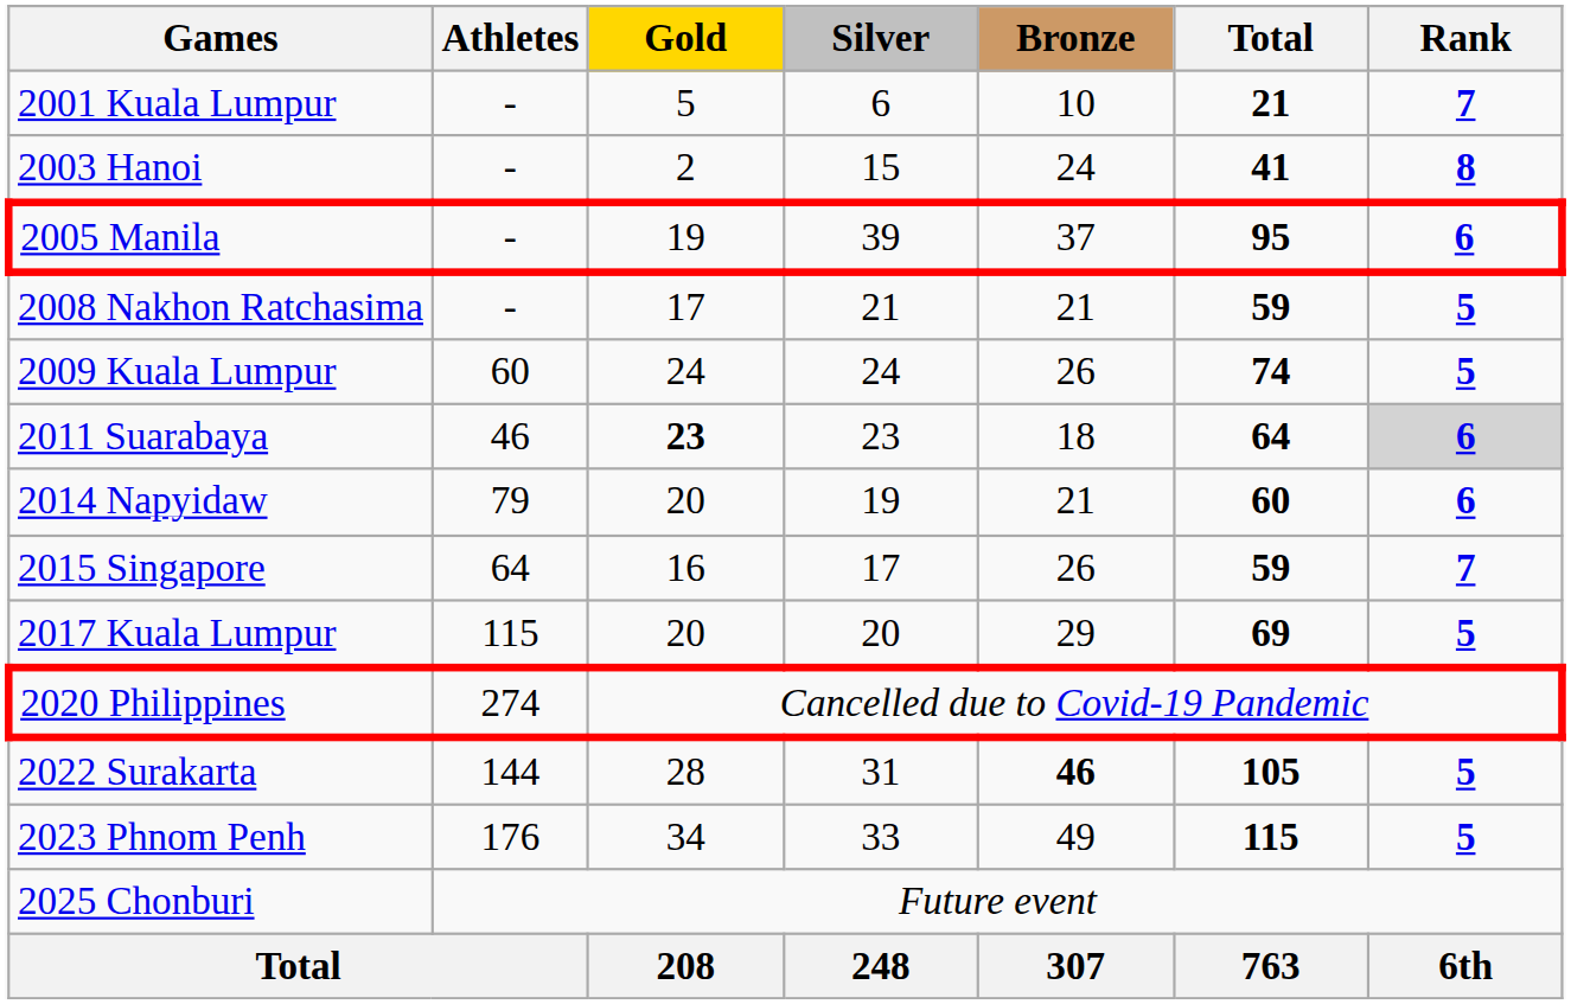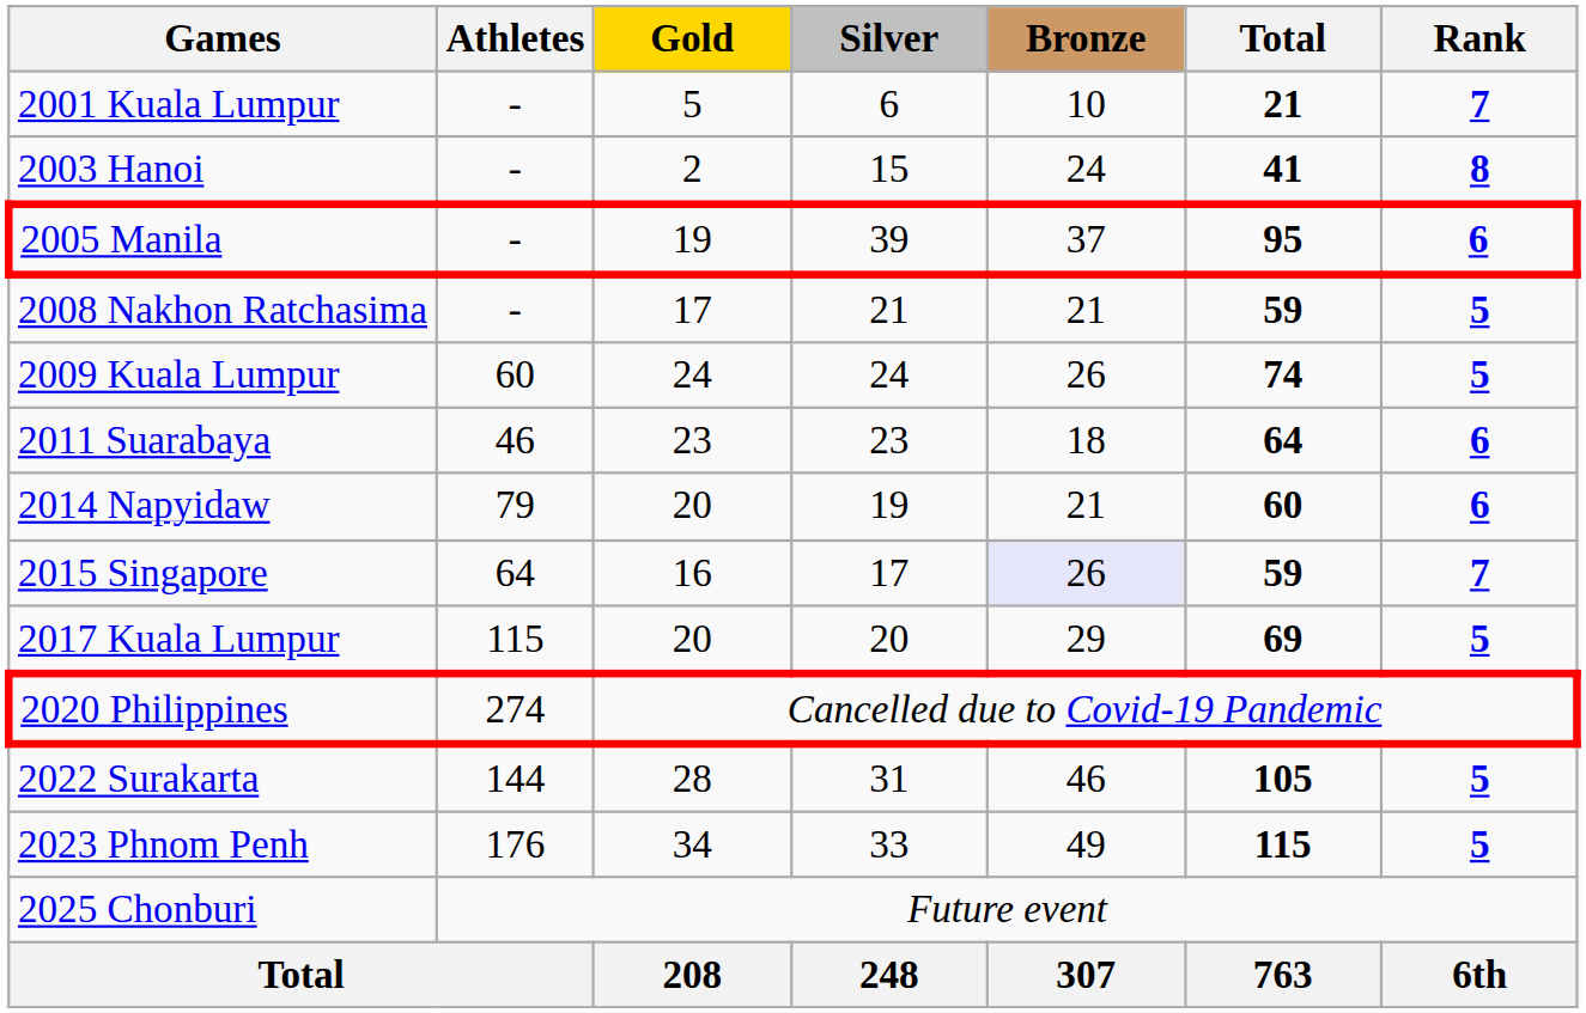 <table class="wikitable" style="text-align:center; font-size:95%;">
 <tr>
 <th>Games</th>
 <th>Athletes</th>
 <td style="background:gold; width:4.5em; font-weight:bold;">Gold</td>
 <td style="background:silver; width:4.5em; font-weight:bold;">Silver</td>
 <td style="background:#cc9966; width:4.5em; font-weight:bold;">Bronze</td>
 <th style="width:4.5em; font-weight:bold;">Total</th>
 <th style="width:4.5em; font-weight:bold;">Rank</th>
 </tr>
 <tr>
 <td align=left> <a href='#'>2001 Kuala Lumpur</a></td>
 <td>-</td>
 <td>5</td>
 <td>6</td>
 <td>10</td>
 <td><strong>21</strong></td>
 <td><a href='#'><strong>7</strong></a></td>
 </tr>
 <tr>
 <td align=left> <a href='#'>2003 Hanoi</a></td>
 <td>-</td>
 <td>2</td>
 <td>15</td>
 <td>24</td>
 <td><strong>41</strong></td>
 <td><a href='#'><strong>8</strong></a></td>
 </tr>
 <tr style="border: 3px solid red"]>
 <td align=left> <a href='#'>2005 Manila</a></td>
 <td>-</td>
 <td>19</td>
 <td>39</td>
 <td>37</td>
 <td><strong>95</strong></td>
 <td><a href='#'><strong>6</strong></a></td>
 </tr>
 <tr>
 <td align=left> <a href='#'>2008 Nakhon Ratchasima</a></td>
 <td>-</td>
 <td>17</td>
 <td>21</td>
 <td>21</td>
 <td><strong>59</strong></td>
 <td><a href='#'><strong>5</strong></a></td>
 </tr>
 <tr>
 <td align=left> <a href='#'>2009 Kuala Lumpur</a></td>
 <td>60</td>
 <td>24</td>
 <td>24</td>
 <td>26</td>
 <td><strong>74</strong></td>
 <td><a href='#'><strong>5</strong></a></td>
 </tr>
 <tr>
 <td align=left> <a href='#'>2011 Suarabaya</a></td>
 <td>46</td>
-<td><strong>23</strong></td>
+<td>23</td>
 <td>23</td>
 <td>18</td>
 <td><strong>64</strong></td>
-<td style="background: lightgrey;"><a href='#'><strong>6</strong></a></td>
+<td><a href='#'><strong>6</strong></a></td>
 </tr>
 <tr>
 <td align=left> <a href='#'>2014 Napyidaw</a></td>
 <td>79</td>
 <td>20</td>
 <td>19</td>
 <td>21</td>
 <td><strong>60</strong></td>
 <td><a href='#'><strong>6</strong></a></td>
 </tr>
 <tr>
 <td align=left> <a href='#'>2015 Singapore</a></td>
 <td>64</td>
 <td>16</td>
 <td>17</td>
-<td>26</td>
+<td style="background: lavender;">26</td>
 <td><strong>59</strong></td>
 <td><a href='#'><strong>7</strong></a></td>
 </tr>
 <tr>
 <td align=left> <a href='#'>2017 Kuala Lumpur</a></td>
 <td>115</td>
 <td>20</td>
 <td>20</td>
 <td>29</td>
 <td><strong>69</strong></td>
 <td><a href='#'><strong>5</strong></a></td>
 </tr>
 <tr style="border: 3px solid red">
 <td align=left> <a href='#'>2020 Philippines</a></td>
 <td>274</td>
 <td colspan=5><em>Cancelled due to <a href='#'>Covid-19 Pandemic</a></em></td>
 </tr>
 <tr>
 <td align=left> <a href='#'>2022 Surakarta</a></td>
 <td>144</td>
 <td>28</td>
 <td>31</td>
-<td><strong>46</strong></td>
+<td>46</td>
 <td><strong>105</strong></td>
 <td><a href='#'><strong>5</strong></a></td>
 </tr>
 <tr>
 <td align=left> <a href='#'>2023 Phnom Penh</a></td>
 <td>176</td>
 <td>34</td>
 <td>33</td>
 <td>49</td>
 <td><strong>115</strong></td>
 <td><a href='#'><strong>5</strong></a></td>
 </tr>
 <tr>
 <td align=left> <a href='#'>2025 Chonburi</a></td>
 <td colspan=6><em>Future event</em></td>
 </tr>
 <tr>
 <th colspan=2>Total</th>
 <th><strong>208</strong></th>
 <th><strong>248</strong></th>
 <th><strong>307</strong></th>
 <th><strong>763</strong></th>
 <th><strong> 6th</strong></th>
 </tr>
 </table>
